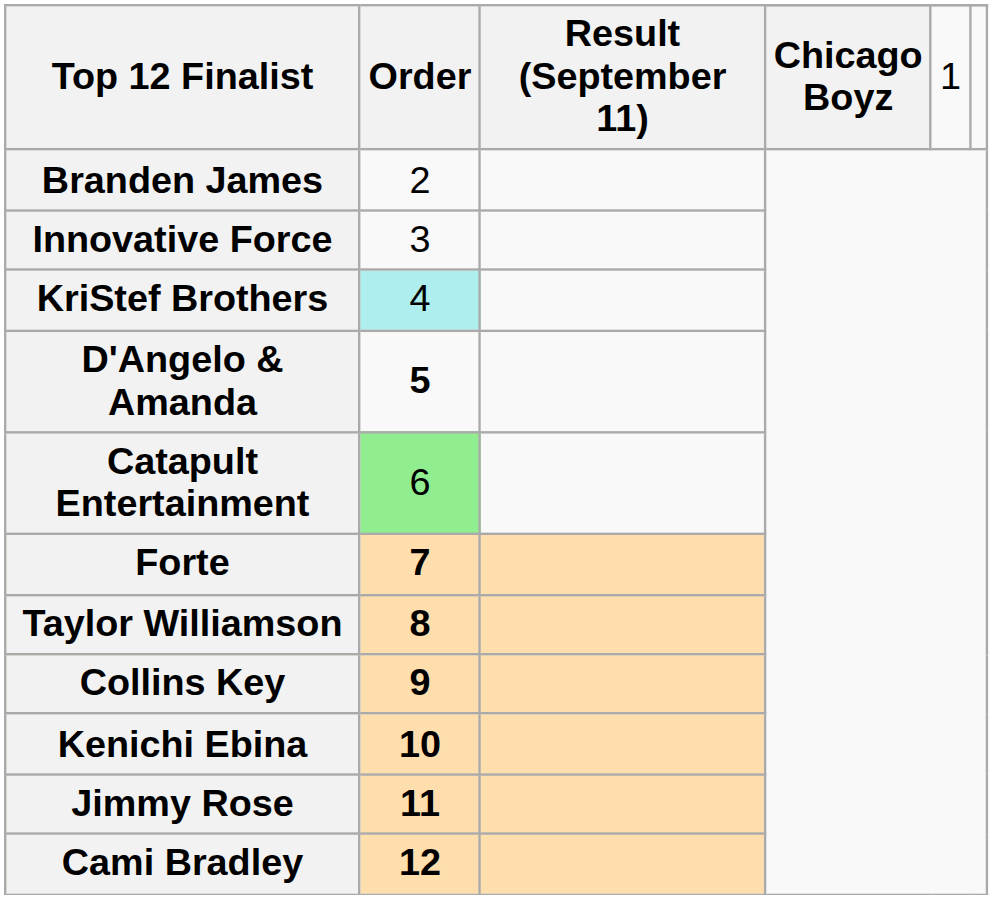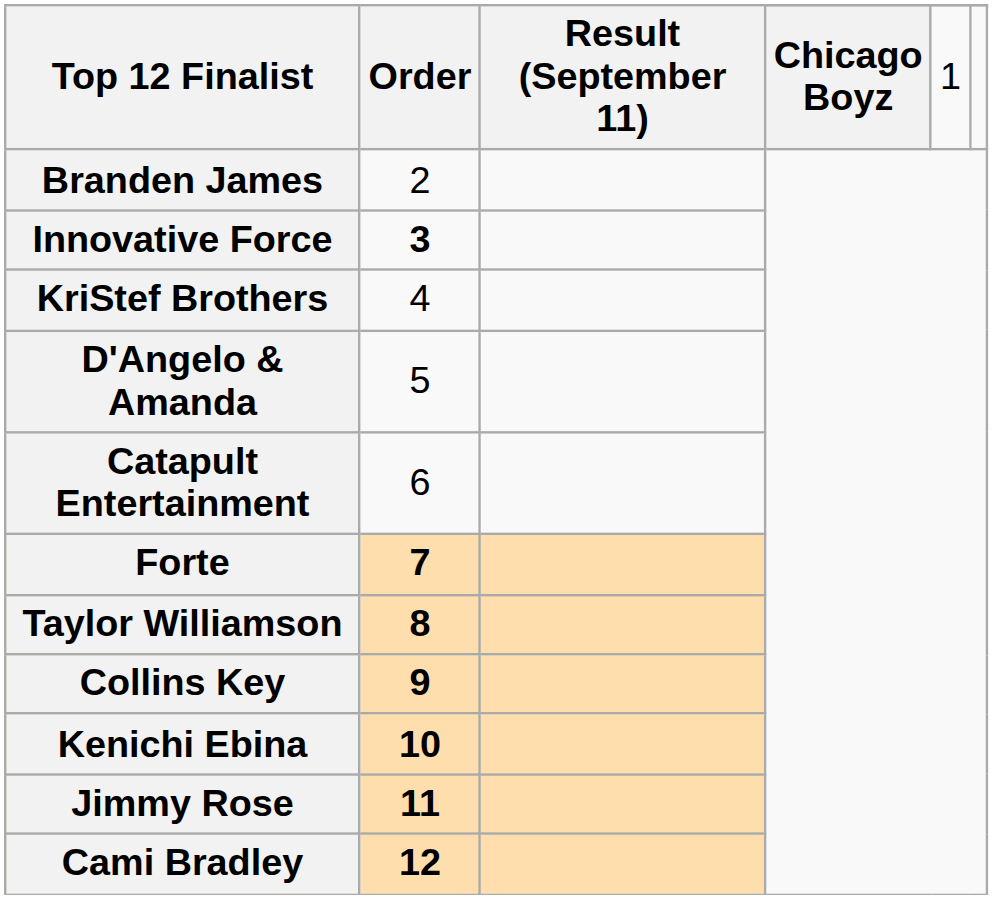 <table class="wikitable plainrowheaders sortable" style="text-align:center" width="33%;">
 <tr>
 <th scope="col" rowspan="2" class="unsortable" style="width:13em;">Top 12 Finalist</th>
 <th scope="col" rowspan="2" style="width:1em;">Order</th>
 <th scope="col" rowspan="2" style="width:10em;">Result (September 11)</th>
 </tr>
 <tr>
 <th scope="row">Chicago Boyz</th>
 <td>1</td>
 <td></td>
 </tr>
 <tr>
 <th scope="row">Branden James</th>
 <td>2</td>
 <td></td>
 </tr>
 <tr>
 <th scope="row">Innovative Force</th>
-<td>3</td>
+<td><strong>3</strong></td>
 <td></td>
 </tr>
 <tr>
 <th scope="row">KriStef Brothers</th>
-<td style="background: paleturquoise;">4</td>
+<td>4</td>
 <td></td>
 </tr>
 <tr>
 <th scope="row">D'Angelo & Amanda</th>
-<td><strong>5</strong></td>
+<td>5</td>
 <td></td>
 </tr>
 <tr>
 <th scope="row">Catapult Entertainment</th>
-<td style="background: lightgreen;">6</td>
+<td>6</td>
 <td></td>
 </tr>
 <tr style="background:NavajoWhite">
 <th scope="row"><strong>Forte</strong></th>
 <td><strong>7</strong></td>
 <td><strong></strong></td>
 </tr>
 <tr style="background:NavajoWhite">
 <th scope="row"><strong>Taylor Williamson</strong></th>
 <td><strong>8</strong></td>
 <td><strong></strong></td>
 </tr>
 <tr style="background:NavajoWhite">
 <th scope="row"><strong>Collins Key</strong></th>
 <td><strong>9</strong></td>
 <td><strong></strong></td>
 </tr>
 <tr style="background:NavajoWhite">
 <th scope="row"><strong>Kenichi Ebina</strong></th>
 <td><strong>10</strong></td>
 <td><strong></strong></td>
 </tr>
 <tr style="background:NavajoWhite">
 <th scope="row"><strong>Jimmy Rose</strong></th>
 <td><strong>11</strong></td>
 <td><strong></strong></td>
 </tr>
 <tr style="background:NavajoWhite">
 <th scope="row"><strong>Cami Bradley</strong></th>
 <td><strong>12</strong></td>
 <td><strong></strong></td>
 </tr>
 </table>
